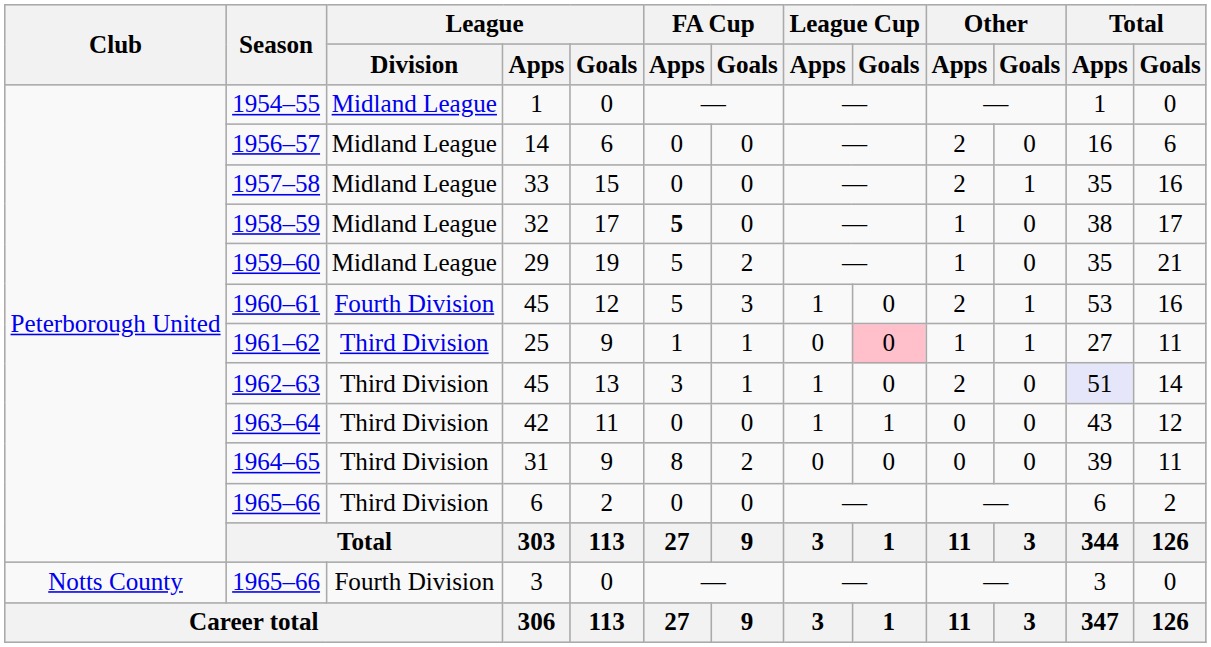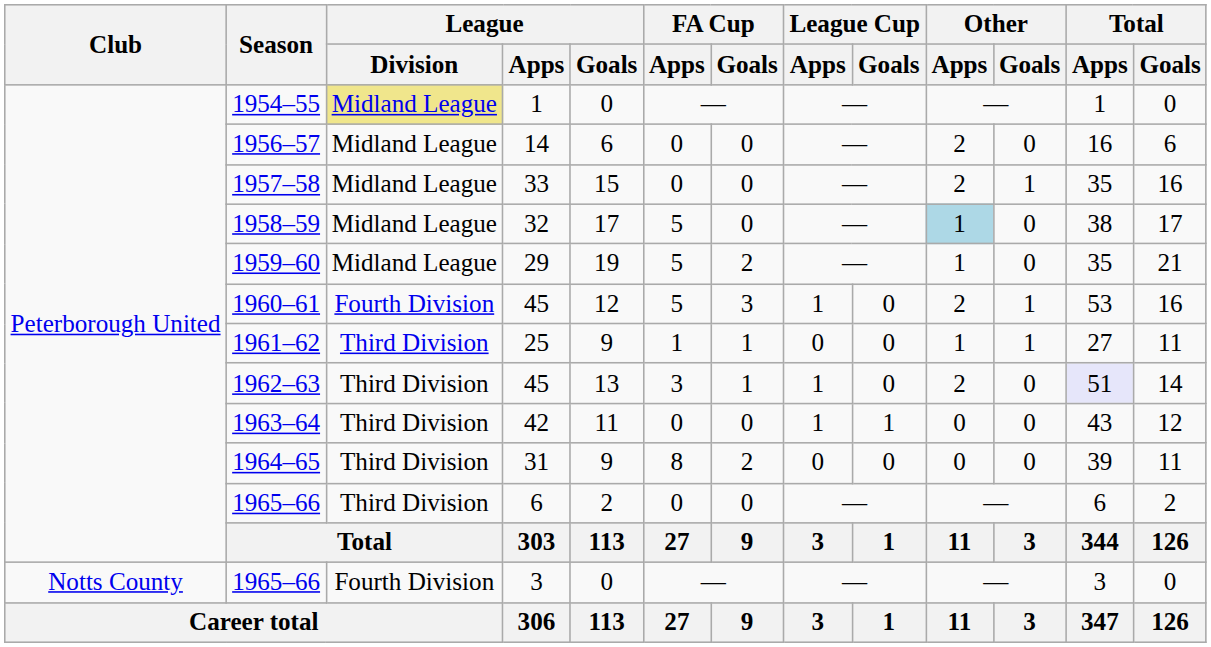 <table class="wikitable" style="text-align: center;">
 <tr>
 <th rowspan="2">Club</th>
 <th rowspan="2">Season</th>
 <th colspan="3">League</th>
 <th colspan="2">FA Cup</th>
 <th colspan="2">League Cup</th>
 <th colspan="2">Other</th>
 <th colspan="2">Total</th>
 </tr>
 <tr>
 <th>Division</th>
 <th>Apps</th>
 <th>Goals</th>
 <th>Apps</th>
 <th>Goals</th>
 <th>Apps</th>
 <th>Goals</th>
 <th>Apps</th>
 <th>Goals</th>
 <th>Apps</th>
 <th>Goals</th>
 </tr>
 <tr>
 <td rowspan="12"><a href='#'>Peterborough United</a></td>
 <td><a href='#'>1954–55</a></td>
-<td><a href='#'>Midland League</a></td>
+<td style="background: khaki;"><a href='#'>Midland League</a></td>
 <td>1</td>
 <td>0</td>
 <td colspan="2">―</td>
 <td colspan="2">―</td>
 <td colspan="2">―</td>
 <td>1</td>
 <td>0</td>
 </tr>
 <tr>
 <td><a href='#'>1956–57</a></td>
 <td>Midland League</td>
 <td>14</td>
 <td>6</td>
 <td>0</td>
 <td>0</td>
 <td colspan="2">―</td>
 <td>2</td>
 <td>0</td>
 <td>16</td>
 <td>6</td>
 </tr>
 <tr>
 <td><a href='#'>1957–58</a></td>
 <td>Midland League</td>
 <td>33</td>
 <td>15</td>
 <td>0</td>
 <td>0</td>
 <td colspan="2">―</td>
 <td>2</td>
 <td>1</td>
 <td>35</td>
 <td>16</td>
 </tr>
 <tr>
 <td><a href='#'>1958–59</a></td>
 <td>Midland League</td>
 <td>32</td>
 <td>17</td>
-<td><strong>5</strong></td>
+<td>5</td>
 <td>0</td>
 <td colspan="2">―</td>
-<td>1</td>
+<td style="background: lightblue;">1</td>
 <td>0</td>
 <td>38</td>
 <td>17</td>
 </tr>
 <tr>
 <td><a href='#'>1959–60</a></td>
 <td>Midland League</td>
 <td>29</td>
 <td>19</td>
 <td>5</td>
 <td>2</td>
 <td colspan="2">―</td>
 <td>1</td>
 <td>0</td>
 <td>35</td>
 <td>21</td>
 </tr>
 <tr>
 <td><a href='#'>1960–61</a></td>
 <td><a href='#'>Fourth Division</a></td>
 <td>45</td>
 <td>12</td>
 <td>5</td>
 <td>3</td>
 <td>1</td>
 <td>0</td>
 <td>2</td>
 <td>1</td>
 <td>53</td>
 <td>16</td>
 </tr>
 <tr>
 <td><a href='#'>1961–62</a></td>
 <td><a href='#'>Third Division</a></td>
 <td>25</td>
 <td>9</td>
 <td>1</td>
 <td>1</td>
 <td>0</td>
-<td style="background: pink;">0</td>
+<td>0</td>
 <td>1</td>
 <td>1</td>
 <td>27</td>
 <td>11</td>
 </tr>
 <tr>
 <td><a href='#'>1962–63</a></td>
 <td>Third Division</td>
 <td>45</td>
 <td>13</td>
 <td>3</td>
 <td>1</td>
 <td>1</td>
 <td>0</td>
 <td>2</td>
 <td>0</td>
 <td style="background: lavender;">51</td>
 <td>14</td>
 </tr>
 <tr>
 <td><a href='#'>1963–64</a></td>
 <td>Third Division</td>
 <td>42</td>
 <td>11</td>
 <td>0</td>
 <td>0</td>
 <td>1</td>
 <td>1</td>
 <td>0</td>
 <td>0</td>
 <td>43</td>
 <td>12</td>
 </tr>
 <tr>
 <td><a href='#'>1964–65</a></td>
 <td>Third Division</td>
 <td>31</td>
 <td>9</td>
 <td>8</td>
 <td>2</td>
 <td>0</td>
 <td>0</td>
 <td>0</td>
 <td>0</td>
 <td>39</td>
 <td>11</td>
 </tr>
 <tr>
 <td><a href='#'>1965–66</a></td>
 <td>Third Division</td>
 <td>6</td>
 <td>2</td>
 <td>0</td>
 <td>0</td>
 <td colspan="2">―</td>
 <td colspan="2">―</td>
 <td>6</td>
 <td>2</td>
 </tr>
 <tr>
 <th colspan="2">Total</th>
 <th>303</th>
 <th>113</th>
 <th>27</th>
 <th>9</th>
 <th>3</th>
 <th>1</th>
 <th>11</th>
 <th>3</th>
 <th>344</th>
 <th>126</th>
 </tr>
 <tr>
 <td><a href='#'>Notts County</a></td>
 <td><a href='#'>1965–66</a></td>
 <td>Fourth Division</td>
 <td>3</td>
 <td>0</td>
 <td colspan="2">―</td>
 <td colspan="2">―</td>
 <td colspan="2">―</td>
 <td>3</td>
 <td>0</td>
 </tr>
 <tr>
 <th colspan="3">Career total</th>
 <th>306</th>
 <th>113</th>
 <th>27</th>
 <th>9</th>
 <th>3</th>
 <th>1</th>
 <th>11</th>
 <th>3</th>
 <th>347</th>
 <th>126</th>
 </tr>
 </table>
